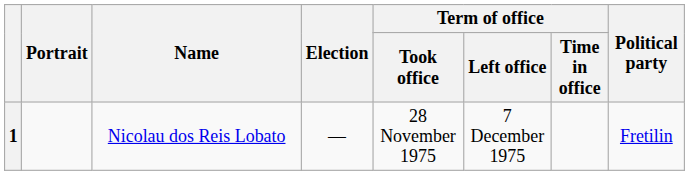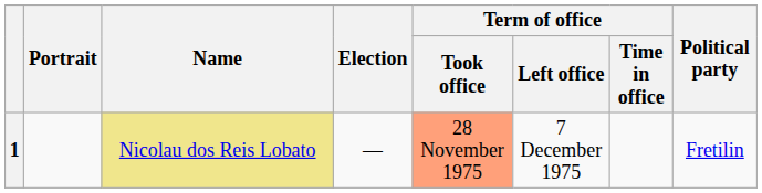 <table class="wikitable" style="text-align:center">
 <tr>
 <th rowspan="2"></th>
 <th rowspan="2">Portrait</th>
 <th rowspan="2" width="180">Name<br></th>
 <th rowspan="2">Election</th>
 <th colspan="3">Term of office</th>
 <th rowspan="2">Political party</th>
 </tr>
 <tr>
 <th>Took office</th>
 <th>Left office</th>
 <th>Time in office</th>
 </tr>
 <tr>
 <th style="background:">1</th>
 <td></td>
-<td><a href='#'>Nicolau dos Reis Lobato</a><br></td>
+<td style="background: khaki;"><a href='#'>Nicolau dos Reis Lobato</a><br></td>
 <td>—</td>
-<td>28 November 1975</td>
+<td style="background: lightsalmon;">28 November 1975</td>
 <td>7 December 1975</td>
 <td></td>
 <td><a href='#'>Fretilin</a></td>
 </tr>
 </table>
